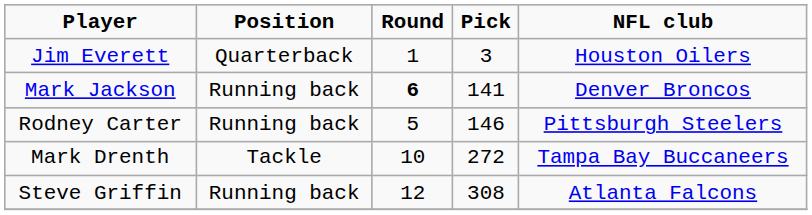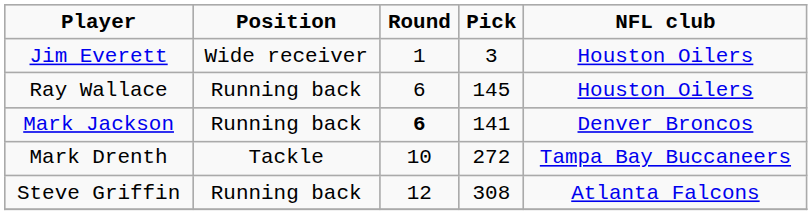 <table class="wikitable" width="80%">
 <tr align="center">
 <td><strong>Player</strong></td>
 <td><strong>Position</strong></td>
 <td><strong>Round</strong></td>
 <td><strong>Pick</strong></td>
 <td><strong>NFL club</strong></td>
 </tr>
 <tr align="center" bgcolor="">
 <td><a href='#'>Jim Everett</a></td>
-<td>Quarterback</td>
+<td>Wide receiver</td>
 <td>1</td>
 <td>3</td>
+<td><a href='#'>Houston Oilers</a></td>
+</tr>
+<tr align="center" bgcolor="">
+<td>Ray Wallace</td>
+<td>Running back</td>
+<td>6</td>
+<td>145</td>
 <td><a href='#'>Houston Oilers</a></td>
 </tr>
 <tr align="center" bgcolor="">
 <td><a href='#'>Mark Jackson</a></td>
 <td>Running back</td>
 <td><strong>6</strong></td>
 <td>141</td>
 <td><a href='#'>Denver Broncos</a></td>
-</tr>
-<tr align="center" bgcolor="">
-<td>Rodney Carter</td>
-<td>Running back</td>
-<td>5</td>
-<td>146</td>
-<td><a href='#'>Pittsburgh Steelers</a></td>
 </tr>
 <tr align="center" bgcolor="">
 <td>Mark Drenth</td>
 <td>Tackle</td>
 <td>10</td>
 <td>272</td>
 <td><a href='#'>Tampa Bay Buccaneers</a></td>
 </tr>
 <tr align="center" bgcolor="">
 <td>Steve Griffin</td>
 <td>Running back</td>
 <td>12</td>
 <td>308</td>
 <td><a href='#'>Atlanta Falcons</a></td>
 </tr>
 <tr align="center" bgcolor="">
 </tr>
 </table>
